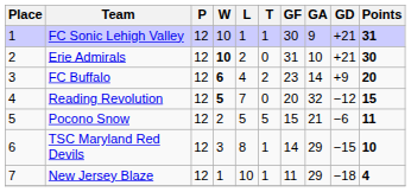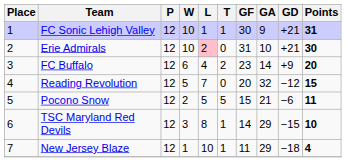 <table class="wikitable">
 <tr>
 <th>Place</th>
 <th width="170">Team</th>
 <th width="20">P</th>
 <th width="20">W</th>
 <th width="20">L</th>
 <th width="20">T</th>
 <th width="20">GF</th>
 <th width="20">GA</th>
 <th width="25">GD</th>
 <th>Points</th>
 </tr>
 <tr bgcolor=#CCCCFF>
 <td>1</td>
 <td><a href='#'>FC Sonic Lehigh Valley</a></td>
 <td>12</td>
 <td>10</td>
 <td>1</td>
 <td>1</td>
 <td>30</td>
 <td>9</td>
 <td>+21</td>
 <td><strong>31</strong></td>
 </tr>
 <tr>
 <td>2</td>
 <td><a href='#'>Erie Admirals</a></td>
 <td>12</td>
-<td><strong>10</strong></td>
-<td>2</td>
+<td>10</td>
+<td style="background: pink;">2</td>
 <td>0</td>
 <td>31</td>
 <td>10</td>
 <td>+21</td>
 <td><strong>30</strong></td>
 </tr>
 <tr>
 <td>3</td>
 <td><a href='#'>FC Buffalo</a></td>
 <td>12</td>
-<td><strong>6</strong></td>
+<td>6</td>
 <td>4</td>
 <td>2</td>
 <td>23</td>
 <td>14</td>
 <td>+9</td>
 <td><strong>20</strong></td>
 </tr>
 <tr>
 <td>4</td>
 <td><a href='#'>Reading Revolution</a></td>
 <td>12</td>
-<td><strong>5</strong></td>
+<td>5</td>
 <td>7</td>
 <td>0</td>
 <td>20</td>
 <td>32</td>
 <td>−12</td>
 <td><strong>15</strong></td>
 </tr>
 <tr>
 <td>5</td>
 <td><a href='#'>Pocono Snow</a></td>
 <td>12</td>
 <td>2</td>
 <td>5</td>
 <td>5</td>
 <td>15</td>
 <td>21</td>
 <td>−6</td>
 <td><strong>11</strong></td>
 </tr>
 <tr>
 <td>6</td>
 <td><a href='#'>TSC Maryland Red Devils</a></td>
 <td>12</td>
 <td>3</td>
 <td>8</td>
 <td>1</td>
 <td>14</td>
 <td>29</td>
 <td>−15</td>
 <td><strong>10</strong></td>
 </tr>
 <tr>
 <td>7</td>
 <td><a href='#'>New Jersey Blaze</a></td>
 <td>12</td>
 <td>1</td>
 <td>10</td>
 <td>1</td>
 <td>11</td>
 <td>29</td>
 <td>−18</td>
 <td><strong>4</strong></td>
 </tr>
 <tr>
 </tr>
 </table>
